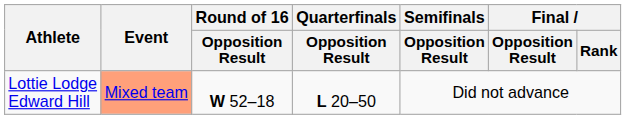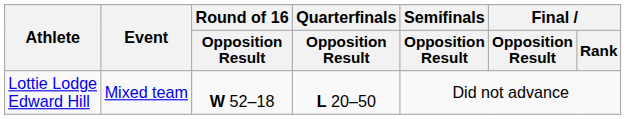 <table class="wikitable" style="font-size:90%">
 <tr>
 <th rowspan="2">Athlete</th>
 <th rowspan="2">Event</th>
 <th>Round of 16</th>
 <th>Quarterfinals</th>
 <th>Semifinals</th>
 <th colspan=2>Final / </th>
 </tr>
 <tr style="font-size:95%">
 <th>Opposition<br>Result</th>
 <th>Opposition<br>Result</th>
 <th>Opposition<br>Result</th>
 <th>Opposition<br>Result</th>
 <th>Rank</th>
 </tr>
 <tr align=center>
 <td align=left><a href='#'>Lottie Lodge</a><br><a href='#'>Edward Hill</a></td>
-<td align=left style="background: lightsalmon;"><a href='#'>Mixed team</a></td>
+<td align=left><a href='#'>Mixed team</a></td>
 <td><br><strong>W</strong> 52–18</td>
 <td><br><strong>L</strong> 20–50</td>
 <td colspan=3>Did not advance</td>
 </tr>
 </table>
